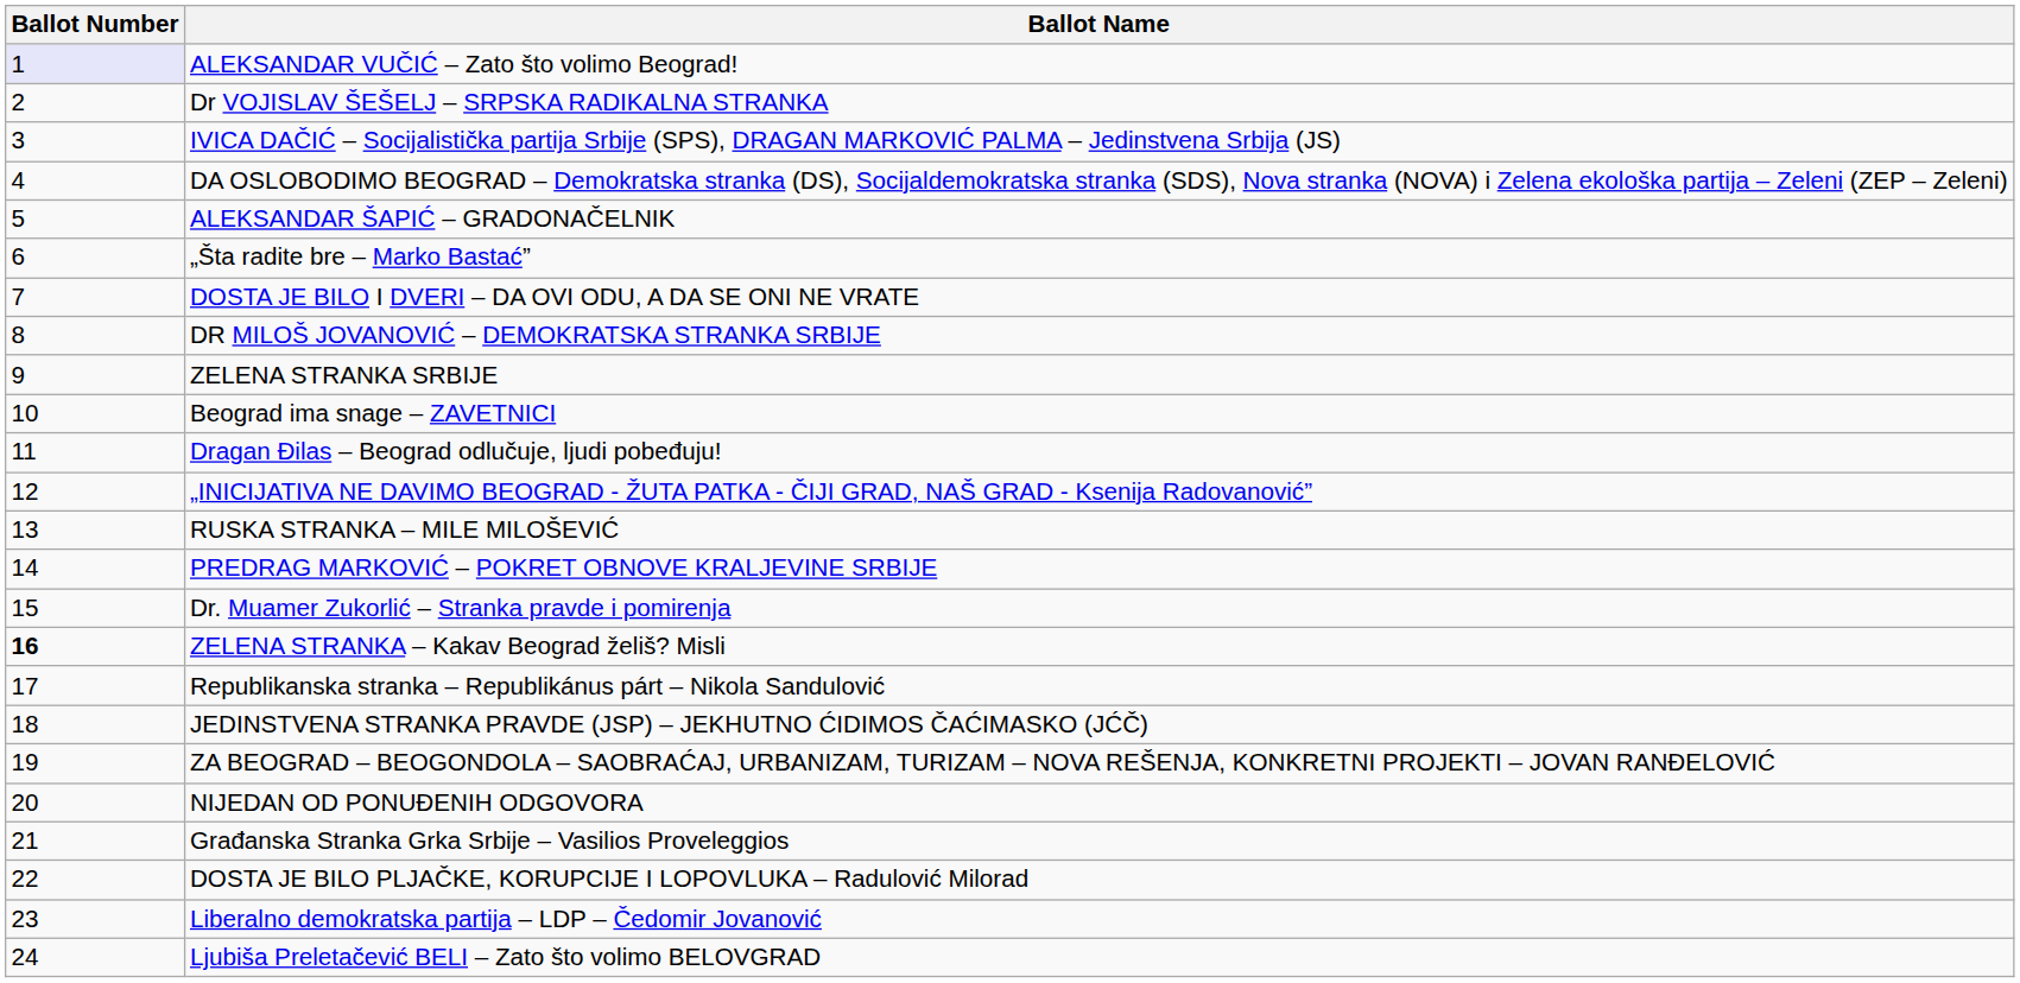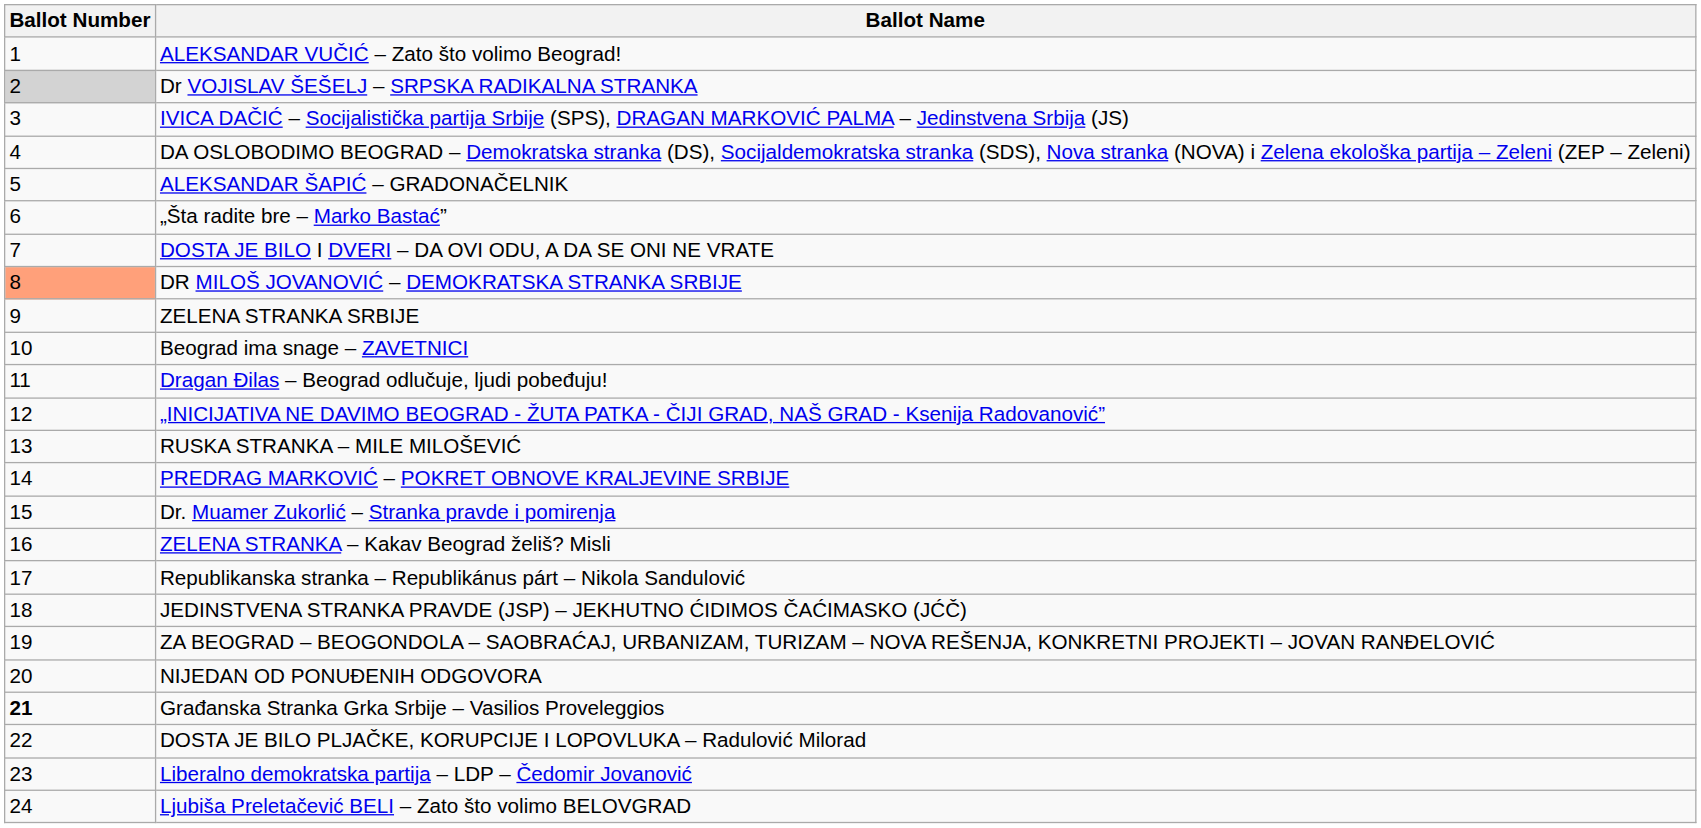 <table class="wikitable">
 <tr>
 <th>Ballot Number</th>
 <th>Ballot Name</th>
 </tr>
 <tr>
-<td style="background: lavender;">1</td>
+<td>1</td>
 <td><a href='#'>ALEKSANDAR VUČIĆ</a> – Zato što volimo Beograd!</td>
 </tr>
 <tr>
-<td>2</td>
+<td style="background: lightgrey;">2</td>
 <td>Dr <a href='#'>VOJISLAV ŠEŠELJ</a> – <a href='#'>SRPSKA RADIKALNA STRANKA</a></td>
 </tr>
 <tr>
 <td>3</td>
 <td><a href='#'>IVICA DAČIĆ</a> – <a href='#'>Socijalistička partija Srbije</a> (SPS), <a href='#'>DRAGAN MARKOVIĆ PALMA</a> – <a href='#'>Jedinstvena Srbija</a> (JS)</td>
 </tr>
 <tr>
 <td>4</td>
 <td>DA OSLOBODIMO BEOGRAD – <a href='#'>Demokratska stranka</a> (DS), <a href='#'>Socijaldemokratska stranka</a> (SDS), <a href='#'>Nova stranka</a> (NOVA) i <a href='#'>Zelena ekološka partija – Zeleni</a> (ZEP – Zeleni)</td>
 </tr>
 <tr>
 <td>5</td>
 <td><a href='#'>ALEKSANDAR ŠAPIĆ</a> – GRADONAČELNIK</td>
 </tr>
 <tr>
 <td>6</td>
 <td>„Šta radite bre – <a href='#'>Marko Bastać</a>”</td>
 </tr>
 <tr>
 <td>7</td>
 <td><a href='#'>DOSTA JE BILO</a> I <a href='#'>DVERI</a> – DA OVI ODU, A DA SE ONI NE VRATE</td>
 </tr>
 <tr>
-<td>8</td>
+<td style="background: lightsalmon;">8</td>
 <td>DR <a href='#'>MILOŠ JOVANOVIĆ</a> – <a href='#'>DEMOKRATSKA STRANKA SRBIJE</a></td>
 </tr>
 <tr>
 <td>9</td>
 <td>ZELENA STRANKA SRBIJE</td>
 </tr>
 <tr>
 <td>10</td>
 <td>Beograd ima snage – <a href='#'>ZAVETNICI</a></td>
 </tr>
 <tr>
 <td>11</td>
 <td><a href='#'>Dragan Đilas</a> – Beograd odlučuje, ljudi pobeđuju!</td>
 </tr>
 <tr>
 <td>12</td>
 <td><a href='#'>„INICIJATIVA NE DAVIMO BEOGRAD - ŽUTA PATKA - ČIJI GRAD, NAŠ GRAD - Ksenija Radovanović”</a></td>
 </tr>
 <tr>
 <td>13</td>
 <td>RUSKA STRANKA – MILE MILOŠEVIĆ</td>
 </tr>
 <tr>
 <td>14</td>
 <td><a href='#'>PREDRAG MARKOVIĆ</a> – <a href='#'>POKRET OBNOVE KRALJEVINE SRBIJE</a></td>
 </tr>
 <tr>
 <td>15</td>
 <td>Dr. <a href='#'>Muamer Zukorlić</a> – <a href='#'>Stranka pravde i pomirenja</a></td>
 </tr>
 <tr>
-<td><strong>16</strong></td>
+<td>16</td>
 <td><a href='#'>ZELENA STRANKA</a> – Kakav Beograd želiš? Misli</td>
 </tr>
 <tr>
 <td>17</td>
 <td>Republikanska stranka – Republikánus párt – Nikola Sandulović</td>
 </tr>
 <tr>
 <td>18</td>
 <td>JEDINSTVENA STRANKA PRAVDE (JSP) – JEKHUTNO ĆIDIMOS ČAĆIMASKO (JĆČ)</td>
 </tr>
 <tr>
 <td>19</td>
 <td>ZA BEOGRAD – BEOGONDOLA – SAOBRAĆAJ, URBANIZAM, TURIZAM – NOVA REŠENJA, KONKRETNI PROJEKTI – JOVAN RANĐELOVIĆ</td>
 </tr>
 <tr>
 <td>20</td>
 <td>NIJEDAN OD PONUĐENIH ODGOVORA</td>
 </tr>
 <tr>
-<td>21</td>
+<td><strong>21</strong></td>
 <td>Građanska Stranka Grka Srbije – Vasilios Proveleggios</td>
 </tr>
 <tr>
 <td>22</td>
 <td>DOSTA JE BILO PLJAČKE, KORUPCIJE I LOPOVLUKA – Radulović Milorad</td>
 </tr>
 <tr>
 <td>23</td>
 <td><a href='#'>Liberalno demokratska partija</a> – LDP – <a href='#'>Čedomir Jovanović</a></td>
 </tr>
 <tr>
 <td>24</td>
 <td><a href='#'>Ljubiša Preletačević BELI</a> – Zato što volimo BELOVGRAD</td>
 </tr>
 </table>
